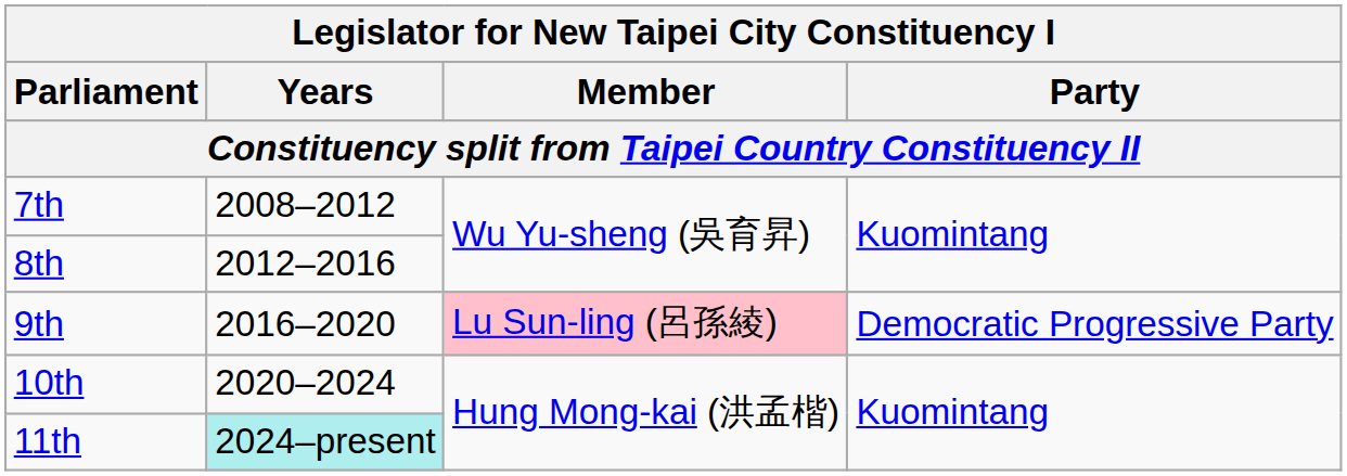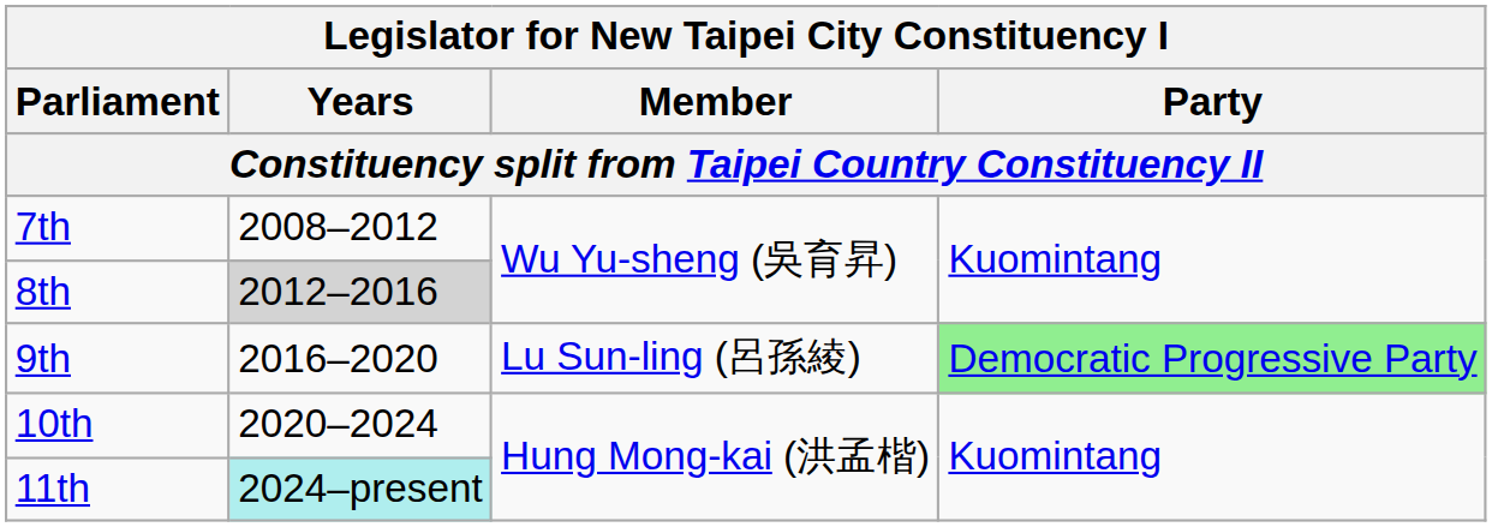 <table class=wikitable>
 <tr>
 <th colspan="4">Legislator for New Taipei City Constituency I</th>
 </tr>
 <tr>
 <th>Parliament</th>
 <th>Years</th>
 <th>Member</th>
 <th>Party</th>
 </tr>
 <tr>
 <th colspan=4 align=center><em>Constituency split from <a href='#'>Taipei Country Constituency II</a> </em></th>
 </tr>
 <tr>
 <td><a href='#'>7th</a></td>
 <td>2008–2012</td>
 <td rowspan=2><a href='#'>Wu Yu-sheng</a> (吳育昇)</td>
 <td rowspan=2><a href='#'>Kuomintang</a></td>
 </tr>
 <tr>
 <td><a href='#'>8th</a></td>
-<td>2012–2016</td>
+<td style="background: lightgrey;">2012–2016</td>
 </tr>
 <tr>
 <td><a href='#'>9th</a></td>
 <td>2016–2020</td>
-<td style="background: pink;"><a href='#'>Lu Sun-ling</a> (呂孫綾)</td>
-<td><a href='#'>Democratic Progressive Party</a></td>
+<td><a href='#'>Lu Sun-ling</a> (呂孫綾)</td>
+<td style="background: lightgreen;"><a href='#'>Democratic Progressive Party</a></td>
 </tr>
 <tr>
 <td><a href='#'>10th</a></td>
 <td>2020–2024</td>
 <td rowspan="2"><a href='#'>Hung Mong-kai</a> (洪孟楷)</td>
 <td rowspan=2><a href='#'>Kuomintang</a></td>
 </tr>
 <tr>
 <td><a href='#'>11th</a></td>
 <td style="background: paleturquoise;">2024–present</td>
 </tr>
 </table>
